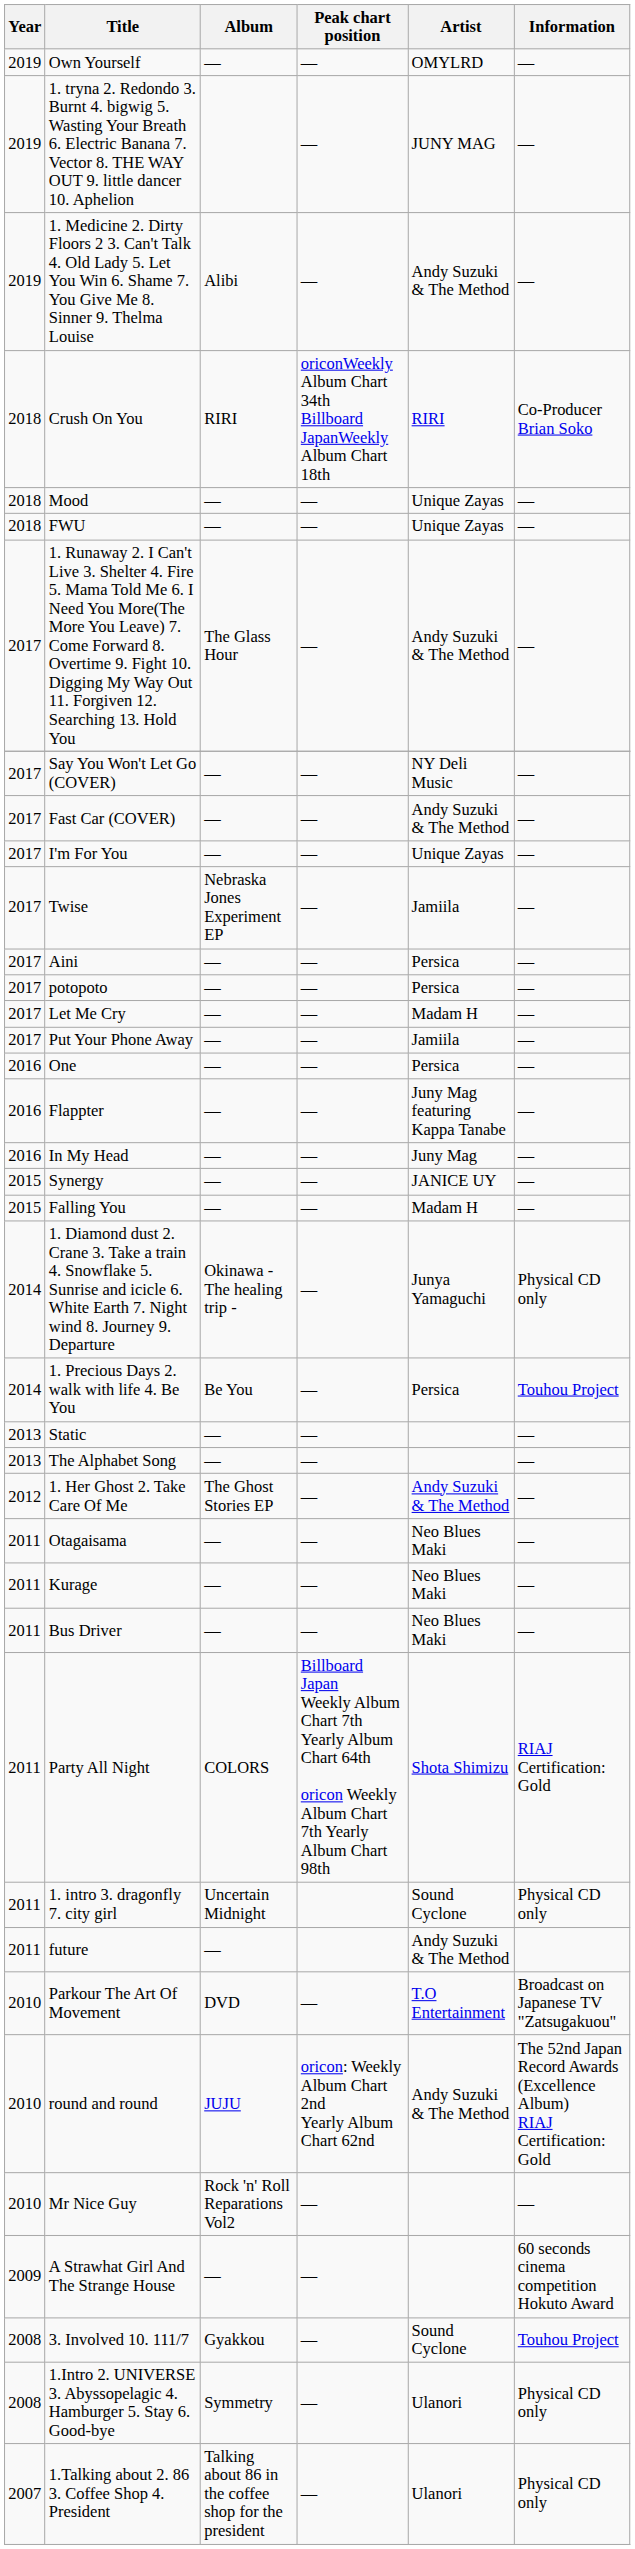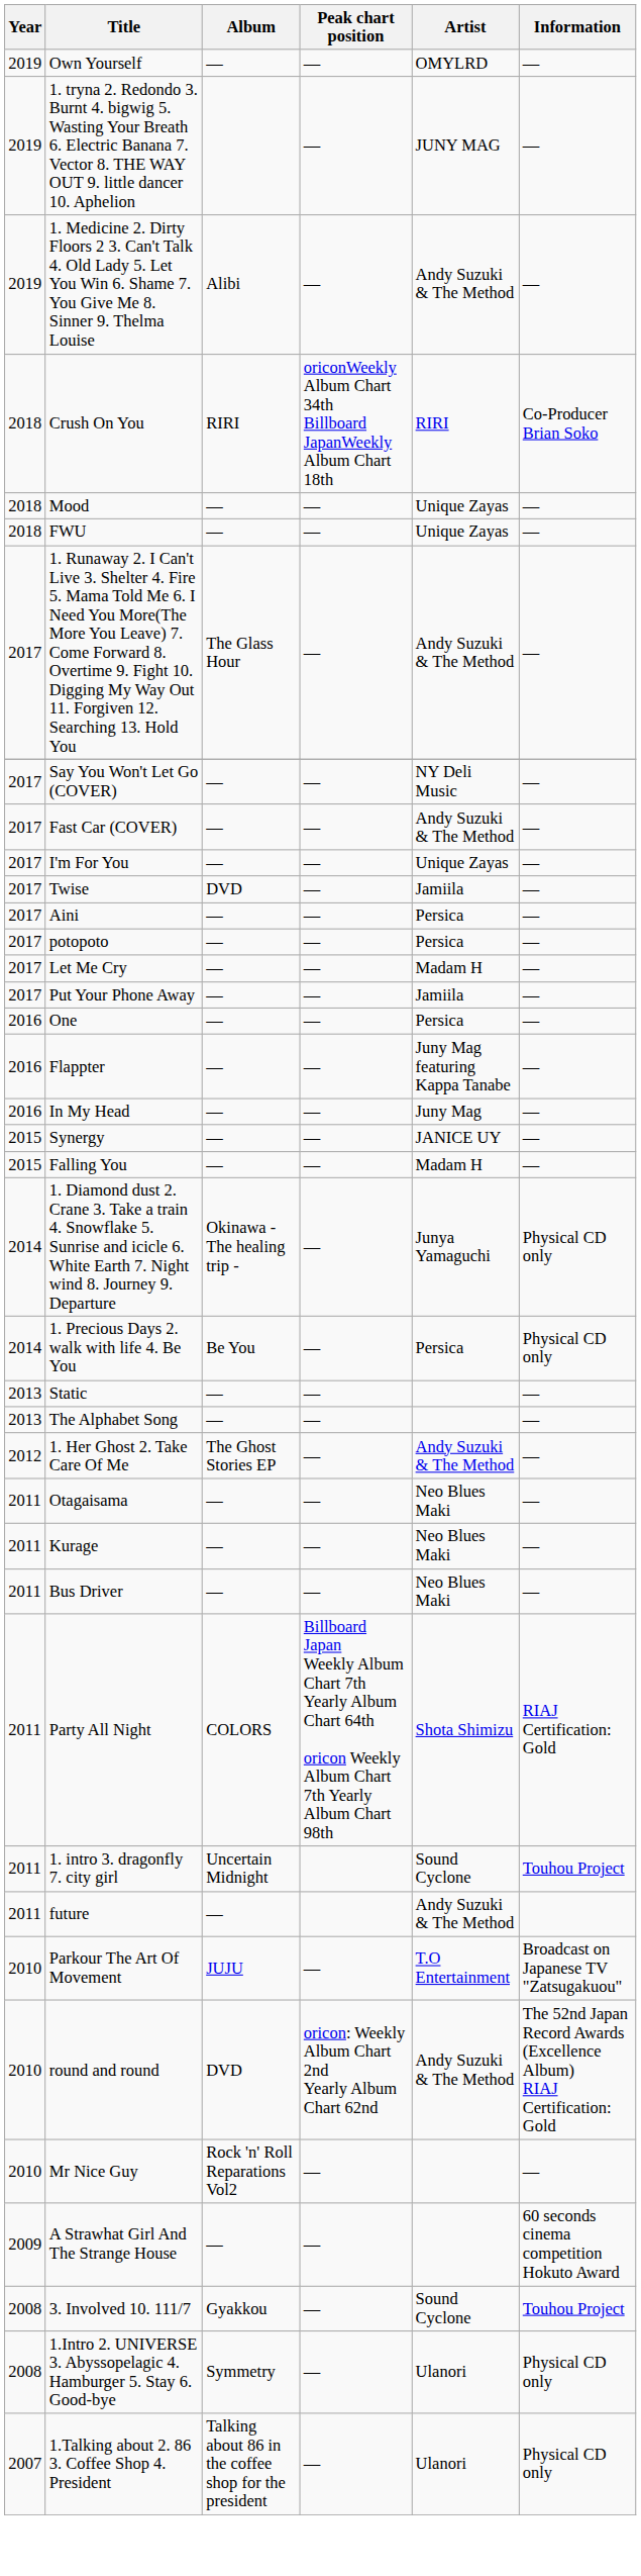 <table class="wikitable">
 <tr>
 <th>Year</th>
 <th>Title</th>
 <th>Album</th>
 <th>Peak chart position</th>
 <th>Artist</th>
 <th>Information</th>
 </tr>
 <tr>
 <td>2019</td>
 <td>Own Yourself</td>
 <td>—</td>
 <td>—</td>
 <td>OMYLRD</td>
 <td>—</td>
 </tr>
 <tr>
 <td>2019</td>
 <td>1. tryna 2. Redondo 3. Burnt 4. bigwig 5. Wasting Your Breath 6. Electric Banana 7. Vector 8. THE WAY OUT 9. little dancer 10. Aphelion</td>
 <td></td>
 <td>—</td>
 <td>JUNY MAG</td>
 <td>—</td>
 </tr>
 <tr>
 <td>2019</td>
 <td>1. Medicine 2. Dirty Floors 2 3. Can't Talk 4. Old Lady 5. Let You Win 6. Shame 7. You Give Me 8. Sinner 9. Thelma Louise</td>
 <td>Alibi</td>
 <td>—</td>
 <td>Andy Suzuki & The Method</td>
 <td>—</td>
 </tr>
 <tr>
 <td>2018</td>
 <td>Crush On You</td>
 <td>RIRI</td>
 <td><a href='#'>oriconWeekly</a> Album Chart 34th <br><a href='#'>Billboard JapanWeekly</a> Album Chart 18th </td>
 <td><a href='#'>RIRI</a></td>
 <td>Co-Producer <a href='#'>Brian Soko</a></td>
 </tr>
 <tr>
 <td>2018</td>
 <td>Mood</td>
 <td>—</td>
 <td>—</td>
 <td>Unique Zayas</td>
 <td>—</td>
 </tr>
 <tr>
 <td>2018</td>
 <td>FWU</td>
 <td>—</td>
 <td>—</td>
 <td>Unique Zayas</td>
 <td>—</td>
 </tr>
 <tr>
 <td>2017</td>
 <td>1. Runaway 2. I Can't Live 3. Shelter 4. Fire 5. Mama Told Me 6. I Need You More(The More You Leave) 7. Come Forward 8. Overtime 9. Fight 10. Digging My Way Out 11. Forgiven 12. Searching 13. Hold You</td>
 <td>The Glass Hour</td>
 <td>—</td>
 <td>Andy Suzuki & The Method</td>
 <td>—</td>
 </tr>
 <tr>
 </tr>
 <tr>
 <td>2017</td>
 <td>Say You Won't Let Go (COVER)</td>
 <td>—</td>
 <td>—</td>
 <td>NY Deli Music</td>
 <td>—</td>
 </tr>
 <tr>
 <td>2017</td>
 <td>Fast Car (COVER)</td>
 <td>—</td>
 <td>—</td>
 <td>Andy Suzuki & The Method</td>
 <td>—</td>
 </tr>
 <tr>
 <td>2017</td>
 <td>I'm For You</td>
 <td>—</td>
 <td>—</td>
 <td>Unique Zayas</td>
 <td>—</td>
 </tr>
 <tr>
 <td>2017</td>
 <td>Twise</td>
-<td>Nebraska Jones Experiment EP</td>
+<td>DVD</td>
 <td>—</td>
 <td>Jamiila</td>
 <td>—</td>
 </tr>
 <tr>
 <td>2017</td>
 <td>Aini</td>
 <td>—</td>
 <td>—</td>
 <td>Persica</td>
 <td>—</td>
 </tr>
 <tr>
 <td>2017</td>
 <td>potopoto</td>
 <td>—</td>
 <td>—</td>
 <td>Persica</td>
 <td>—</td>
 </tr>
 <tr>
 <td>2017</td>
 <td>Let Me Cry</td>
 <td>—</td>
 <td>—</td>
 <td>Madam H</td>
 <td>—</td>
 </tr>
 <tr>
 <td>2017</td>
 <td>Put Your Phone Away</td>
 <td>—</td>
 <td>—</td>
 <td>Jamiila</td>
 <td>—</td>
 </tr>
 <tr>
 <td>2016</td>
 <td>One</td>
 <td>—</td>
 <td>—</td>
 <td>Persica</td>
 <td>—</td>
 </tr>
 <tr>
 <td>2016</td>
 <td>Flappter</td>
 <td>—</td>
 <td>—</td>
 <td>Juny Mag featuring Kappa Tanabe </td>
 <td>—</td>
 </tr>
 <tr>
 <td>2016</td>
 <td>In My Head</td>
 <td>—</td>
 <td>—</td>
 <td>Juny Mag</td>
 <td>—</td>
 </tr>
 <tr>
 <td>2015</td>
 <td>Synergy</td>
 <td>—</td>
 <td>—</td>
 <td>JANICE UY</td>
 <td>—</td>
 </tr>
 <tr>
 <td>2015</td>
 <td>Falling You</td>
 <td>—</td>
 <td>—</td>
 <td>Madam H</td>
 <td>—</td>
 </tr>
 <tr>
 <td>2014</td>
 <td>1. Diamond dust 2. Crane 3. Take a train 4. Snowflake 5. Sunrise and icicle 6. White Earth 7. Night wind 8. Journey 9. Departure</td>
 <td>Okinawa - The healing trip -</td>
 <td>—</td>
 <td>Junya Yamaguchi</td>
 <td>Physical CD only</td>
 </tr>
 <tr>
 <td>2014</td>
 <td>1. Precious Days 2. walk with life 4. Be You</td>
 <td>Be You</td>
 <td>—</td>
 <td>Persica</td>
-<td><a href='#'>Touhou Project</a></td>
+<td>Physical CD only</td>
 </tr>
 <tr>
 <td>2013</td>
 <td>Static</td>
 <td>—</td>
 <td>—</td>
 <td></td>
 <td>—</td>
 </tr>
 <tr>
 <td>2013</td>
 <td>The Alphabet Song</td>
 <td>—</td>
 <td>—</td>
 <td></td>
 <td>—</td>
 </tr>
 <tr>
 <td>2012</td>
 <td>1. Her Ghost 2. Take Care Of Me</td>
 <td>The Ghost Stories EP</td>
 <td>—</td>
 <td><a href='#'>Andy Suzuki & The Method</a></td>
 <td>—</td>
 </tr>
 <tr>
 <td>2011</td>
 <td>Otagaisama</td>
 <td>—</td>
 <td>—</td>
 <td>Neo Blues Maki</td>
 <td>—</td>
 </tr>
 <tr>
 <td>2011</td>
 <td>Kurage</td>
 <td>—</td>
 <td>—</td>
 <td>Neo Blues Maki</td>
 <td>—</td>
 </tr>
 <tr>
 <td>2011</td>
 <td>Bus Driver</td>
 <td>—</td>
 <td>—</td>
 <td>Neo Blues Maki</td>
 <td>—</td>
 </tr>
 <tr>
 <td>2011</td>
 <td>Party All Night</td>
 <td>COLORS</td>
 <td><a href='#'>Billboard Japan</a><br> Weekly Album Chart 7th  Yearly Album Chart 64th <br><br><a href='#'>oricon</a> Weekly Album Chart 7th  Yearly Album Chart 98th </td>
 <td><a href='#'>Shota Shimizu</a></td>
 <td><a href='#'>RIAJ</a> Certification: Gold</td>
 </tr>
 <tr>
 <td>2011</td>
 <td>1. intro 3. dragonfly 7. city girl</td>
 <td>Uncertain Midnight</td>
 <td></td>
 <td>Sound Cyclone</td>
-<td>Physical CD only</td>
+<td><a href='#'>Touhou Project</a></td>
 </tr>
 <tr>
 <td>2011</td>
 <td>future</td>
 <td>—</td>
 <td></td>
 <td>Andy Suzuki & The Method</td>
 <td></td>
 </tr>
 <tr>
 <td>2010</td>
 <td>Parkour The Art Of Movement</td>
-<td>DVD</td>
+<td><a href='#'>JUJU</a></td>
 <td>—</td>
 <td><a href='#'>T.O Entertainment</a></td>
 <td>Broadcast on Japanese TV "Zatsugakuou"</td>
 </tr>
 <tr>
 <td>2010</td>
 <td>round and round</td>
-<td><a href='#'>JUJU</a></td>
+<td>DVD</td>
 <td><a href='#'>oricon</a>: Weekly Album Chart 2nd <br>Yearly Album Chart 62nd </td>
 <td>Andy Suzuki & The Method</td>
 <td>The 52nd Japan Record Awards (Excellence Album)<br><a href='#'>RIAJ</a> Certification: Gold</td>
 </tr>
 <tr>
 <td>2010</td>
 <td>Mr Nice Guy</td>
 <td>Rock 'n' Roll Reparations Vol2</td>
 <td>—</td>
 <td></td>
 <td>—</td>
 </tr>
 <tr>
 <td>2009</td>
 <td>A Strawhat Girl And The Strange House</td>
 <td>—</td>
 <td>—</td>
 <td></td>
 <td>60 seconds cinema competition Hokuto Award</td>
 </tr>
 <tr>
 <td>2008</td>
 <td>3. Involved 10. 111/7</td>
 <td>Gyakkou</td>
 <td>—</td>
 <td>Sound Cyclone</td>
 <td><a href='#'>Touhou Project</a></td>
 </tr>
 <tr>
 <td>2008</td>
 <td>1.Intro 2. UNIVERSE 3. Abyssopelagic 4. Hamburger 5. Stay 6. Good-bye</td>
 <td>Symmetry</td>
 <td>—</td>
 <td>Ulanori</td>
 <td>Physical CD only</td>
 </tr>
 <tr>
 <td>2007</td>
 <td>1.Talking about 2. 86 3. Coffee Shop 4. President</td>
 <td>Talking about 86 in the coffee shop for the president</td>
 <td>—</td>
 <td>Ulanori</td>
 <td>Physical CD only</td>
 </tr>
 <tr>
 </tr>
 </table>
